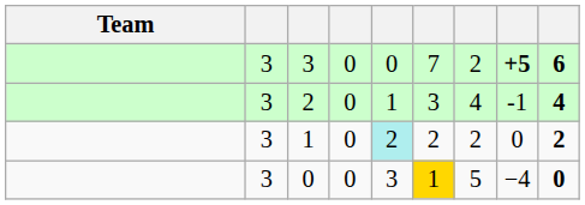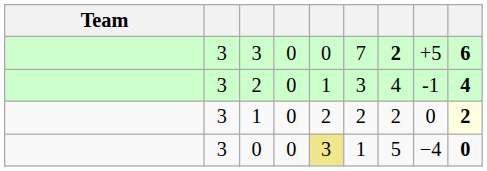 <table class="wikitable" style="text-align:center;">
 <tr>
 <th width=150>Team</th>
 <th width=20></th>
 <th width=20></th>
 <th width=20></th>
 <th width=20></th>
 <th width=20></th>
 <th width=20></th>
 <th width=20></th>
 <th width=20></th>
 </tr>
 <tr bgcolor="#ccffcc">
 <td align=left></td>
 <td>3</td>
 <td>3</td>
 <td>0</td>
 <td>0</td>
 <td>7</td>
-<td>2</td>
-<td><strong>+5</strong></td>
+<td><strong>2</strong></td>
+<td>+5</td>
 <td><strong>6</strong></td>
 </tr>
 <tr bgcolor="#ccffcc">
 <td align=left></td>
 <td>3</td>
 <td>2</td>
 <td>0</td>
 <td>1</td>
 <td>3</td>
 <td>4</td>
 <td>-1</td>
 <td><strong>4</strong></td>
 </tr>
 <tr>
 <td align=left></td>
 <td>3</td>
 <td>1</td>
 <td>0</td>
-<td style="background: paleturquoise;">2</td>
+<td>2</td>
 <td>2</td>
 <td>2</td>
 <td>0</td>
-<td><strong>2</strong></td>
+<td style="background: lightyellow;"><strong>2</strong></td>
 </tr>
 <tr>
 <td align=left></td>
 <td>3</td>
 <td>0</td>
 <td>0</td>
-<td>3</td>
-<td style="background: gold;">1</td>
+<td style="background: khaki;">3</td>
+<td>1</td>
 <td>5</td>
 <td>−4</td>
 <td><strong>0</strong></td>
 </tr>
 </table>
